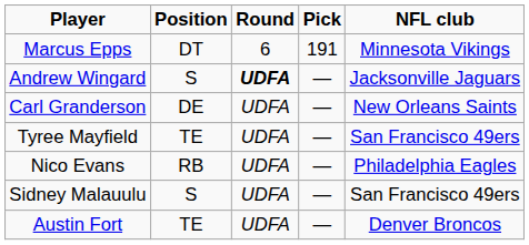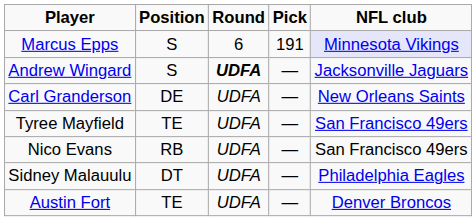 <table class="wikitable" style="text-align:center">
 <tr style="text-align:center; ">
 <td><strong>Player</strong></td>
 <td><strong>Position</strong></td>
 <td><strong>Round</strong></td>
 <td><strong>Pick</strong></td>
 <td><strong>NFL club</strong></td>
 </tr>
 <tr>
 <td><a href='#'>Marcus Epps</a></td>
-<td>DT</td>
+<td>S</td>
 <td>6</td>
 <td>191</td>
-<td><a href='#'>Minnesota Vikings</a></td>
+<td style="background: lavender;"><a href='#'>Minnesota Vikings</a></td>
 </tr>
 <tr>
 <td><a href='#'>Andrew Wingard</a></td>
 <td>S</td>
 <td><strong><em>UDFA</em></strong></td>
 <td>—</td>
 <td><a href='#'>Jacksonville Jaguars</a></td>
 </tr>
 <tr>
 <td><a href='#'>Carl Granderson</a></td>
 <td>DE</td>
 <td><em>UDFA</em></td>
 <td>—</td>
 <td><a href='#'>New Orleans Saints</a></td>
 </tr>
 <tr>
 <td>Tyree Mayfield</td>
 <td>TE</td>
 <td><em>UDFA</em></td>
 <td>—</td>
 <td><a href='#'>San Francisco 49ers</a></td>
 </tr>
 <tr>
 <td>Nico Evans</td>
 <td>RB</td>
 <td><em>UDFA</em></td>
 <td>—</td>
-<td><a href='#'>Philadelphia Eagles</a></td>
+<td>San Francisco 49ers</td>
 </tr>
 <tr>
 <td>Sidney Malauulu</td>
-<td>S</td>
+<td>DT</td>
 <td><em>UDFA</em></td>
 <td>—</td>
-<td>San Francisco 49ers</td>
+<td><a href='#'>Philadelphia Eagles</a></td>
 </tr>
 <tr>
 <td><a href='#'>Austin Fort</a></td>
 <td>TE</td>
 <td><em>UDFA</em></td>
 <td>—</td>
 <td><a href='#'>Denver Broncos</a></td>
 </tr>
 </table>
